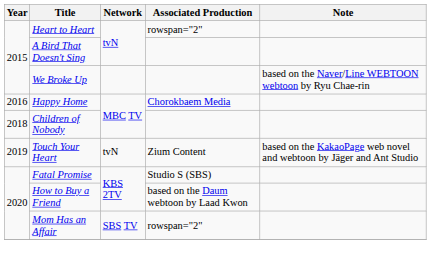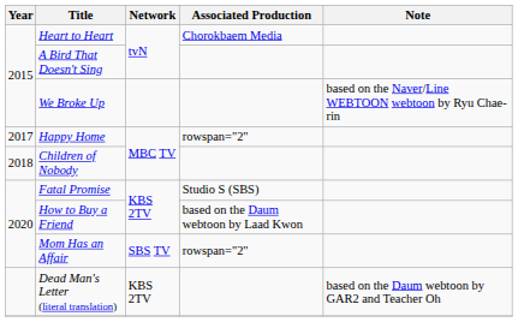 <table class="wikitable" style="width:650px">
 <tr>
 <th>Year</th>
 <th>Title</th>
 <th>Network</th>
 <th>Associated Production</th>
 <th>Note</th>
 </tr>
 <tr>
 <td rowspan="3">2015</td>
 <td><em><a href='#'>Heart to Heart</a></em></td>
 <td rowspan="2"><a href='#'>tvN</a></td>
-<td>rowspan="2" </td>
+<td><a href='#'>Chorokbaem Media</a></td>
 <td></td>
 </tr>
 <tr>
 <td><em><a href='#'>A Bird That Doesn't Sing</a></em></td>
 <td></td>
 <td></td>
 </tr>
 <tr>
 <td><em><a href='#'>We Broke Up</a></em></td>
 <td></td>
 <td></td>
 <td>based on the <a href='#'>Naver</a>/<a href='#'>Line WEBTOON</a> <a href='#'>webtoon</a> by Ryu Chae-rin</td>
 </tr>
 <tr>
-<td>2016</td>
+<td>2017</td>
 <td><em><a href='#'>Happy Home</a></em></td>
 <td rowspan="2"><a href='#'>MBC</a> <a href='#'>TV</a></td>
-<td><a href='#'>Chorokbaem Media</a></td>
+<td>rowspan="2" </td>
 <td></td>
 </tr>
 <tr>
 <td>2018</td>
 <td><em><a href='#'>Children of Nobody</a></em></td>
 <td></td>
-</tr>
-<tr>
-<td>2019</td>
-<td><em><a href='#'>Touch Your Heart</a></em></td>
-<td>tvN</td>
-<td>Zium Content</td>
-<td>based on the <a href='#'>KakaoPage</a> web novel and webtoon by Jäger and Ant Studio</td>
 </tr>
 <tr>
 <td rowspan="3">2020</td>
 <td><em><a href='#'>Fatal Promise</a></em></td>
 <td rowspan="2"><a href='#'>KBS</a> <a href='#'>2TV</a></td>
 <td>Studio S (SBS)</td>
 <td></td>
 </tr>
 <tr>
 <td><em><a href='#'>How to Buy a Friend</a></em></td>
 <td>based on the <a href='#'>Daum</a> webtoon by Laad Kwon</td>
 </tr>
 <tr>
 <td><em><a href='#'>Mom Has an Affair</a></em><br></td>
 <td><a href='#'>SBS</a> <a href='#'>TV</a></td>
 <td>rowspan="2" </td>
 <td></td>
 </tr>
 <tr>
+<td></td>
+<td><em>Dead Man's Letter</em><br><small>(<a href='#'>literal translation</a>)</small></td>
+<td>KBS 2TV</td>
+<td></td>
+<td>based on the <a href='#'>Daum</a> webtoon by GAR2 and Teacher Oh</td>
+</tr>
+<tr>
 </tr>
 </table>
